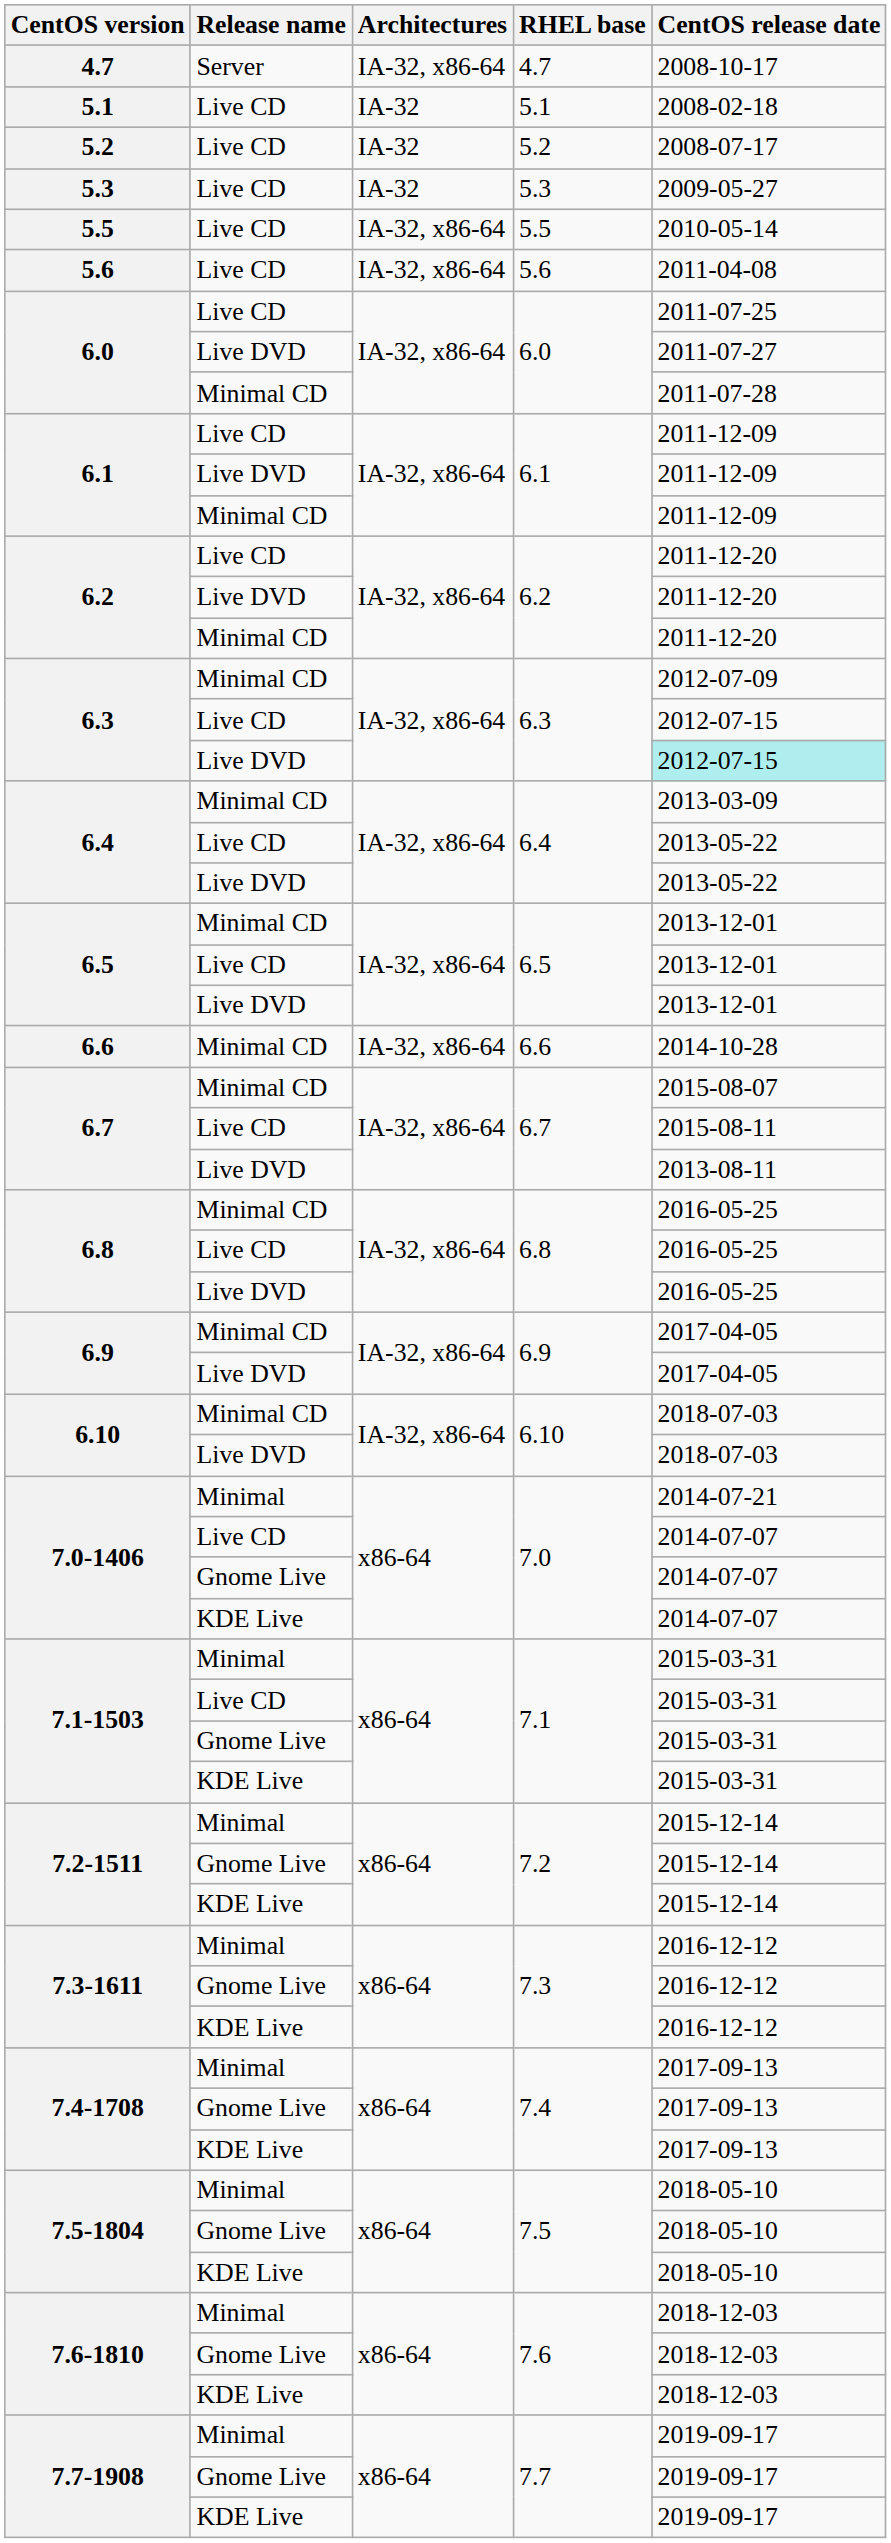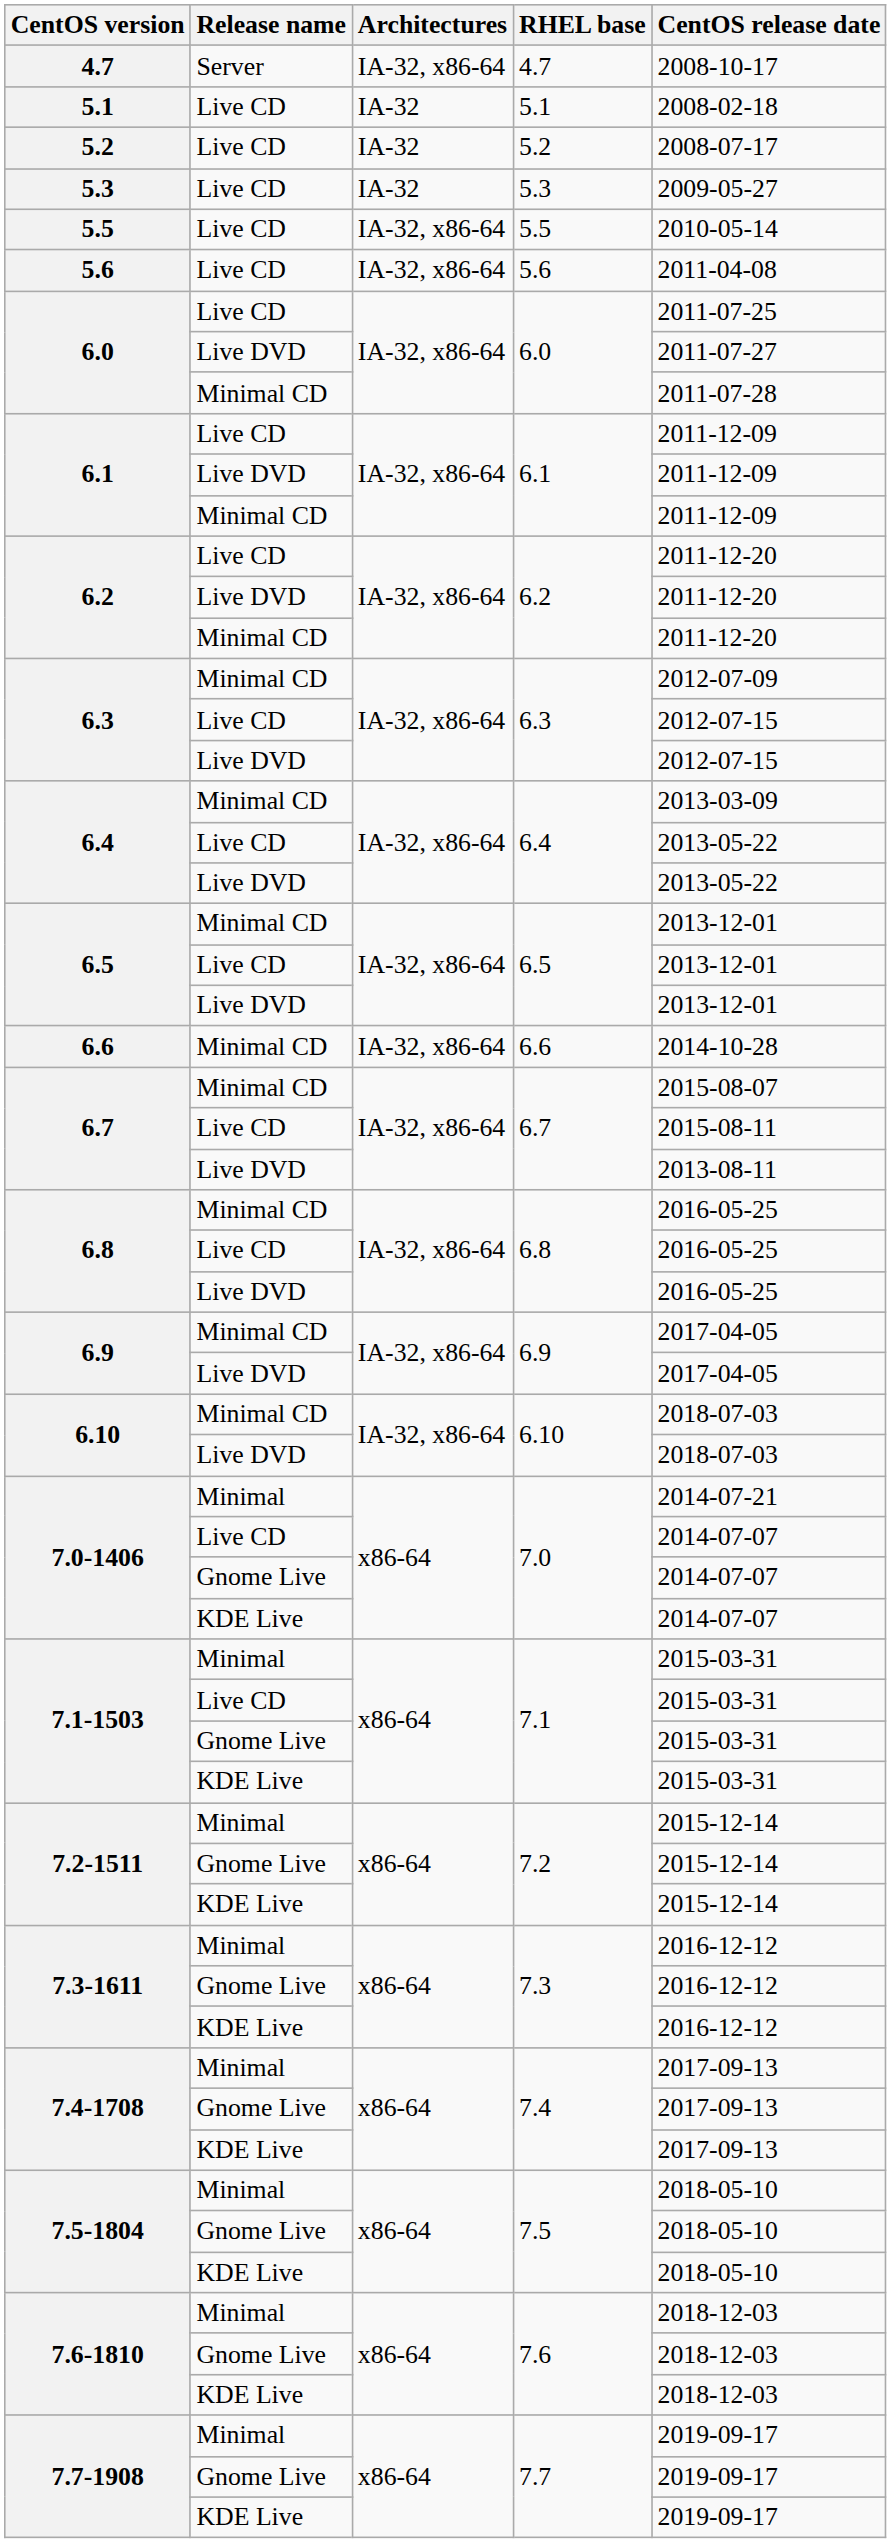 <table class="wikitable collapsible collapsed">
 <tr>
 <th scope="col">CentOS version</th>
 <th scope="col">Release name</th>
 <th scope="col">Architectures</th>
 <th scope="col">RHEL base</th>
 <th scope="col">CentOS release date</th>
 </tr>
 <tr>
 <th scope="row">4.7</th>
 <td>Server</td>
 <td>IA-32, x86-64</td>
 <td>4.7</td>
 <td>2008-10-17</td>
 </tr>
 <tr>
 <th scope="row">5.1</th>
 <td>Live CD</td>
 <td>IA-32</td>
 <td>5.1</td>
 <td>2008-02-18</td>
 </tr>
 <tr>
 <th scope="row">5.2</th>
 <td>Live CD</td>
 <td>IA-32</td>
 <td>5.2</td>
 <td>2008-07-17</td>
 </tr>
 <tr>
 <th scope="row">5.3</th>
 <td>Live CD</td>
 <td>IA-32</td>
 <td>5.3</td>
 <td>2009-05-27</td>
 </tr>
 <tr>
 <th scope="row">5.5</th>
 <td>Live CD</td>
 <td>IA-32, x86-64</td>
 <td>5.5</td>
 <td>2010-05-14</td>
 </tr>
 <tr>
 <th scope="row">5.6</th>
 <td>Live CD</td>
 <td>IA-32, x86-64</td>
 <td>5.6</td>
 <td>2011-04-08</td>
 </tr>
 <tr>
 <th scope="row" rowspan="3">6.0</th>
 <td>Live CD</td>
 <td rowspan="3">IA-32, x86-64</td>
 <td rowspan="3">6.0</td>
 <td>2011-07-25</td>
 </tr>
 <tr>
 <td>Live DVD</td>
 <td>2011-07-27</td>
 </tr>
 <tr>
 <td>Minimal CD</td>
 <td>2011-07-28</td>
 </tr>
 <tr>
 <th scope="row" rowspan="3">6.1</th>
 <td>Live CD</td>
 <td rowspan="3">IA-32, x86-64</td>
 <td rowspan="3">6.1</td>
 <td>2011-12-09</td>
 </tr>
 <tr>
 <td>Live DVD</td>
 <td>2011-12-09</td>
 </tr>
 <tr>
 <td>Minimal CD</td>
 <td>2011-12-09</td>
 </tr>
 <tr>
 <th scope="row" rowspan="3">6.2</th>
 <td>Live CD</td>
 <td rowspan="3">IA-32, x86-64</td>
 <td rowspan="3">6.2</td>
 <td>2011-12-20</td>
 </tr>
 <tr>
 <td>Live DVD</td>
 <td>2011-12-20</td>
 </tr>
 <tr>
 <td>Minimal CD</td>
 <td>2011-12-20</td>
 </tr>
 <tr>
 <th scope="row" rowspan="3">6.3</th>
 <td>Minimal CD</td>
 <td rowspan="3">IA-32, x86-64</td>
 <td rowspan="3">6.3</td>
 <td>2012-07-09</td>
 </tr>
 <tr>
 <td>Live CD</td>
 <td>2012-07-15</td>
 </tr>
 <tr>
 <td>Live DVD</td>
-<td style="background: paleturquoise;">2012-07-15</td>
+<td>2012-07-15</td>
 </tr>
 <tr>
 <th scope="row" rowspan="3">6.4</th>
 <td>Minimal CD</td>
 <td rowspan="3">IA-32, x86-64</td>
 <td rowspan="3">6.4</td>
 <td>2013-03-09</td>
 </tr>
 <tr>
 <td>Live CD</td>
 <td>2013-05-22</td>
 </tr>
 <tr>
 <td>Live DVD</td>
 <td>2013-05-22</td>
 </tr>
 <tr>
 <th scope="row" rowspan="3">6.5</th>
 <td>Minimal CD</td>
 <td rowspan="3">IA-32, x86-64</td>
 <td rowspan="3">6.5</td>
 <td>2013-12-01</td>
 </tr>
 <tr>
 <td>Live CD</td>
 <td>2013-12-01</td>
 </tr>
 <tr>
 <td>Live DVD</td>
 <td>2013-12-01</td>
 </tr>
 <tr>
 <th scope="row">6.6</th>
 <td>Minimal CD</td>
 <td>IA-32, x86-64</td>
 <td>6.6</td>
 <td>2014-10-28</td>
 </tr>
 <tr>
 <th scope="row" rowspan="3">6.7</th>
 <td>Minimal CD</td>
 <td rowspan="3">IA-32, x86-64</td>
 <td rowspan="3">6.7</td>
 <td>2015-08-07</td>
 </tr>
 <tr>
 <td>Live CD</td>
 <td>2015-08-11</td>
 </tr>
 <tr>
 <td>Live DVD</td>
 <td>2013-08-11</td>
 </tr>
 <tr>
 <th scope="row" rowspan="3">6.8</th>
 <td>Minimal CD</td>
 <td rowspan="3">IA-32, x86-64</td>
 <td rowspan="3">6.8</td>
 <td>2016-05-25</td>
 </tr>
 <tr>
 <td>Live CD</td>
 <td>2016-05-25</td>
 </tr>
 <tr>
 <td>Live DVD</td>
 <td>2016-05-25</td>
 </tr>
 <tr>
 <th scope="row" rowspan="2">6.9</th>
 <td>Minimal CD</td>
 <td rowspan="2">IA-32, x86-64</td>
 <td rowspan="2">6.9</td>
 <td>2017-04-05</td>
 </tr>
 <tr>
 <td>Live DVD</td>
 <td>2017-04-05</td>
 </tr>
 <tr>
 <th scope="row" rowspan="2">6.10</th>
 <td>Minimal CD</td>
 <td rowspan="2">IA-32, x86-64</td>
 <td rowspan="2">6.10</td>
 <td>2018-07-03</td>
 </tr>
 <tr>
 <td>Live DVD</td>
 <td>2018-07-03</td>
 </tr>
 <tr>
 <th scope="row" rowspan="4">7.0-1406</th>
 <td>Minimal</td>
 <td rowspan="4">x86-64</td>
 <td rowspan="4">7.0</td>
 <td>2014-07-21</td>
 </tr>
 <tr>
 <td>Live CD</td>
 <td>2014-07-07</td>
 </tr>
 <tr>
 <td>Gnome Live</td>
 <td>2014-07-07</td>
 </tr>
 <tr>
 <td>KDE Live</td>
 <td>2014-07-07</td>
 </tr>
 <tr>
 <th scope="row" rowspan="4">7.1-1503</th>
 <td>Minimal</td>
 <td rowspan="4">x86-64</td>
 <td rowspan="4">7.1</td>
 <td>2015-03-31</td>
 </tr>
 <tr>
 <td>Live CD</td>
 <td>2015-03-31</td>
 </tr>
 <tr>
 <td>Gnome Live</td>
 <td>2015-03-31</td>
 </tr>
 <tr>
 <td>KDE Live</td>
 <td>2015-03-31</td>
 </tr>
 <tr>
 <th scope="row" rowspan="3">7.2-1511</th>
 <td>Minimal</td>
 <td rowspan="3">x86-64</td>
 <td rowspan="3">7.2</td>
 <td>2015-12-14</td>
 </tr>
 <tr>
 <td>Gnome Live</td>
 <td>2015-12-14</td>
 </tr>
 <tr>
 <td>KDE Live</td>
 <td>2015-12-14</td>
 </tr>
 <tr>
 <th scope="row" rowspan="3">7.3-1611</th>
 <td>Minimal</td>
 <td rowspan="3">x86-64</td>
 <td rowspan="3">7.3</td>
 <td>2016-12-12</td>
 </tr>
 <tr>
 <td>Gnome Live</td>
 <td>2016-12-12</td>
 </tr>
 <tr>
 <td>KDE Live</td>
 <td>2016-12-12</td>
 </tr>
 <tr>
 <th scope="row" rowspan="3">7.4-1708</th>
 <td>Minimal</td>
 <td rowspan="3">x86-64</td>
 <td rowspan="3">7.4</td>
 <td>2017-09-13</td>
 </tr>
 <tr>
 <td>Gnome Live</td>
 <td>2017-09-13</td>
 </tr>
 <tr>
 <td>KDE Live</td>
 <td>2017-09-13</td>
 </tr>
 <tr>
 <th scope="row" rowspan="3">7.5-1804</th>
 <td>Minimal</td>
 <td rowspan="3">x86-64</td>
 <td rowspan="3">7.5</td>
 <td>2018-05-10</td>
 </tr>
 <tr>
 <td>Gnome Live</td>
 <td>2018-05-10</td>
 </tr>
 <tr>
 <td>KDE Live</td>
 <td>2018-05-10</td>
 </tr>
 <tr>
 <th scope="row" rowspan="3">7.6-1810</th>
 <td>Minimal</td>
 <td rowspan="3">x86-64</td>
 <td rowspan="3">7.6</td>
 <td>2018-12-03</td>
 </tr>
 <tr>
 <td>Gnome Live</td>
 <td>2018-12-03</td>
 </tr>
 <tr>
 <td>KDE Live</td>
 <td>2018-12-03</td>
 </tr>
 <tr>
 <th scope="row" rowspan="3">7.7-1908</th>
 <td>Minimal</td>
 <td rowspan="3">x86-64</td>
 <td rowspan="3">7.7</td>
 <td>2019-09-17</td>
 </tr>
 <tr>
 <td>Gnome Live</td>
 <td>2019-09-17</td>
 </tr>
 <tr>
 <td>KDE Live</td>
 <td>2019-09-17</td>
 </tr>
 </table>
